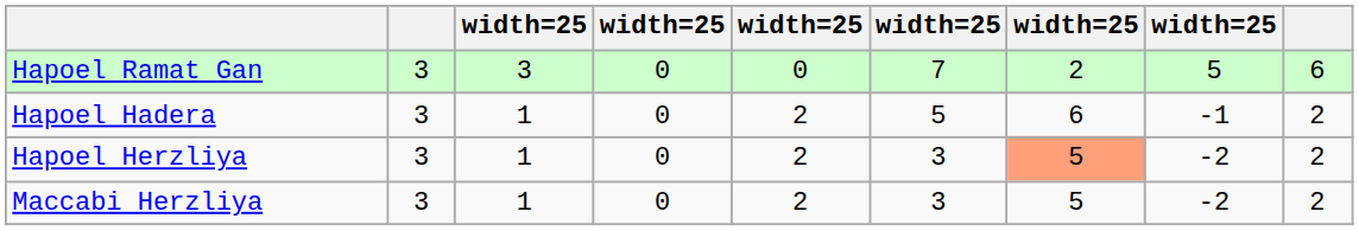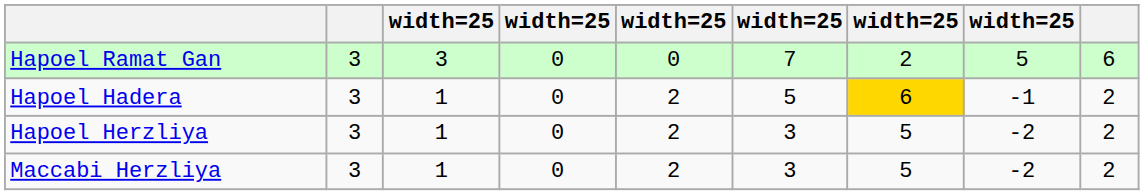 <table class="wikitable" style="text-align: center; font-size: 90%;">
 <tr>
 <th width=165></th>
 <th width=25></th>
 <th>width=25</th>
 <th>width=25</th>
 <th>width=25</th>
 <th>width=25</th>
 <th>width=25</th>
 <th>width=25</th>
 <th width=25></th>
 </tr>
 <tr bgcolor="#ccffcc">
 <td align="left"><a href='#'>Hapoel Ramat Gan</a></td>
 <td>3</td>
 <td>3</td>
 <td>0</td>
 <td>0</td>
 <td>7</td>
 <td>2</td>
 <td>5</td>
 <td>6</td>
 </tr>
 <tr>
 <td align="left"><a href='#'>Hapoel Hadera</a></td>
 <td>3</td>
 <td>1</td>
 <td>0</td>
 <td>2</td>
 <td>5</td>
-<td>6</td>
+<td style="background: gold;">6</td>
 <td>-1</td>
 <td>2</td>
 </tr>
 <tr>
 <td align="left"><a href='#'>Hapoel Herzliya</a></td>
 <td>3</td>
 <td>1</td>
 <td>0</td>
 <td>2</td>
 <td>3</td>
-<td style="background: lightsalmon;">5</td>
+<td>5</td>
 <td>-2</td>
 <td>2</td>
 </tr>
 <tr>
 <td align="left"><a href='#'>Maccabi Herzliya</a></td>
 <td>3</td>
 <td>1</td>
 <td>0</td>
 <td>2</td>
 <td>3</td>
 <td>5</td>
 <td>-2</td>
 <td>2</td>
 </tr>
 </table>
